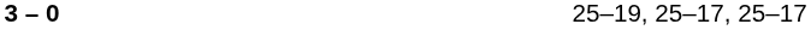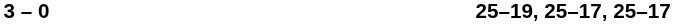 <table width=100% cellspacing=1>
 <tr>
 <th width=20%></th>
 <th width=12%></th>
 <th width=20%></th>
 <th width=33%></th>
 <td></td>
 </tr>
 <tr style=font-size:95%>
 <td align=right><strong></strong></td>
 <td align=center><strong>3 – 0</strong></td>
 <td></td>
-<td>25–19, 25–17, 25–17</td>
+<td><strong>25–19, 25–17, 25–17</strong></td>
 </tr>
 </table>
